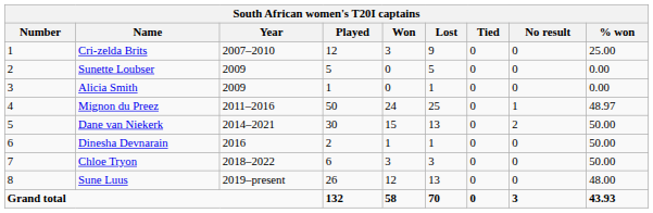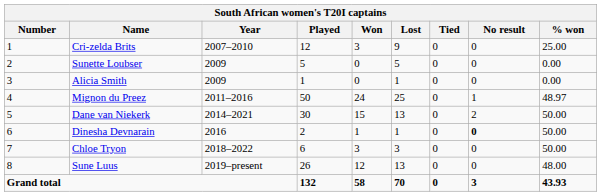 <table class="wikitable sortable collapsible" width="70%">
 <tr>
 <th bgcolor="#efefef" colspan=9>South African women's T20I captains</th>
 </tr>
 <tr bgcolor="#efefef">
 <th>Number</th>
 <th>Name</th>
 <th>Year</th>
 <th>Played</th>
 <th>Won</th>
 <th>Lost</th>
 <th>Tied</th>
 <th>No result</th>
 <th>% won</th>
 </tr>
 <tr>
 <td>1</td>
 <td><a href='#'>Cri-zelda Brits</a></td>
 <td>2007–2010</td>
 <td>12</td>
 <td>3</td>
 <td>9</td>
 <td>0</td>
 <td>0</td>
 <td>25.00</td>
 </tr>
 <tr>
 <td>2</td>
 <td><a href='#'>Sunette Loubser</a></td>
 <td>2009</td>
 <td>5</td>
 <td>0</td>
 <td>5</td>
 <td>0</td>
 <td>0</td>
 <td>0.00</td>
 </tr>
 <tr>
 <td>3</td>
 <td><a href='#'>Alicia Smith</a></td>
 <td>2009</td>
 <td>1</td>
 <td>0</td>
 <td>1</td>
 <td>0</td>
 <td>0</td>
 <td>0.00</td>
 </tr>
 <tr>
 <td>4</td>
 <td><a href='#'>Mignon du Preez</a></td>
 <td>2011–2016</td>
 <td>50</td>
 <td>24</td>
 <td>25</td>
 <td>0</td>
 <td>1</td>
 <td>48.97</td>
 </tr>
 <tr>
 <td>5</td>
 <td><a href='#'>Dane van Niekerk</a></td>
 <td>2014–2021</td>
 <td>30</td>
 <td>15</td>
 <td>13</td>
 <td>0</td>
 <td>2</td>
 <td>50.00</td>
 </tr>
 <tr>
 <td>6</td>
 <td><a href='#'>Dinesha Devnarain</a></td>
 <td>2016</td>
 <td>2</td>
 <td>1</td>
 <td>1</td>
 <td>0</td>
-<td>0</td>
+<td><strong>0</strong></td>
 <td>50.00</td>
 </tr>
 <tr>
 <td>7</td>
 <td><a href='#'>Chloe Tryon</a></td>
 <td>2018–2022</td>
 <td>6</td>
 <td>3</td>
 <td>3</td>
 <td>0</td>
 <td>0</td>
 <td>50.00</td>
 </tr>
 <tr>
 <td>8</td>
 <td><a href='#'>Sune Luus</a></td>
 <td>2019–present</td>
 <td>26</td>
 <td>12</td>
 <td>13</td>
 <td>0</td>
 <td>0</td>
 <td>48.00</td>
 </tr>
 <tr>
 <td colspan=3><strong>Grand total</strong></td>
 <td><strong>132</strong></td>
 <td><strong>58</strong></td>
 <td><strong>70</strong></td>
 <td><strong>0</strong></td>
 <td><strong>3</strong></td>
 <td><strong>43.93</strong></td>
 </tr>
 </table>
